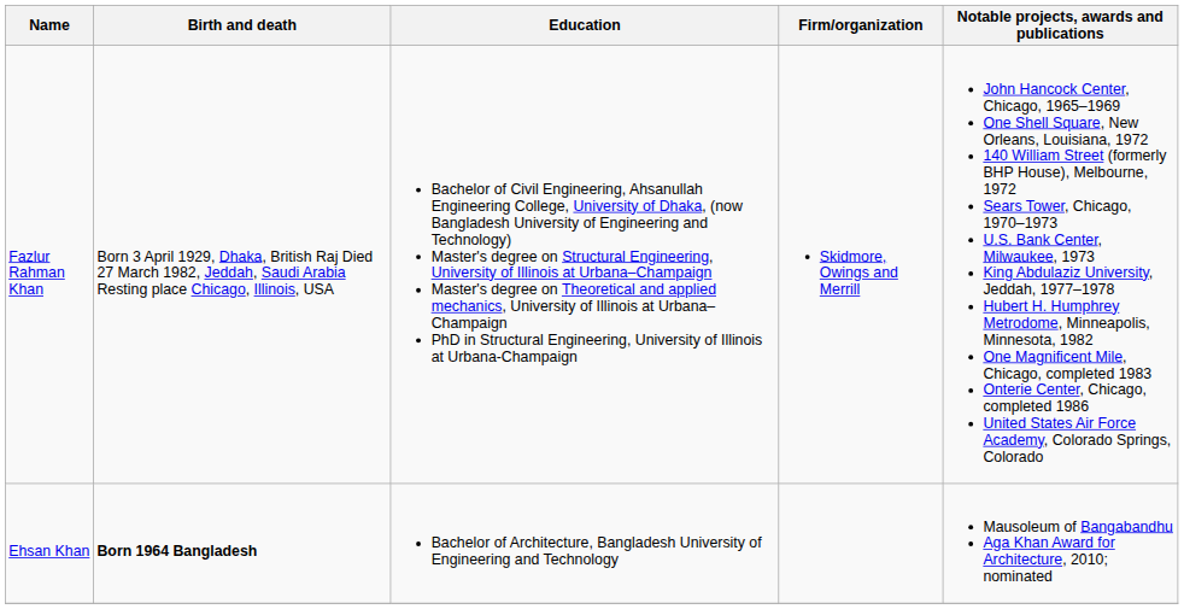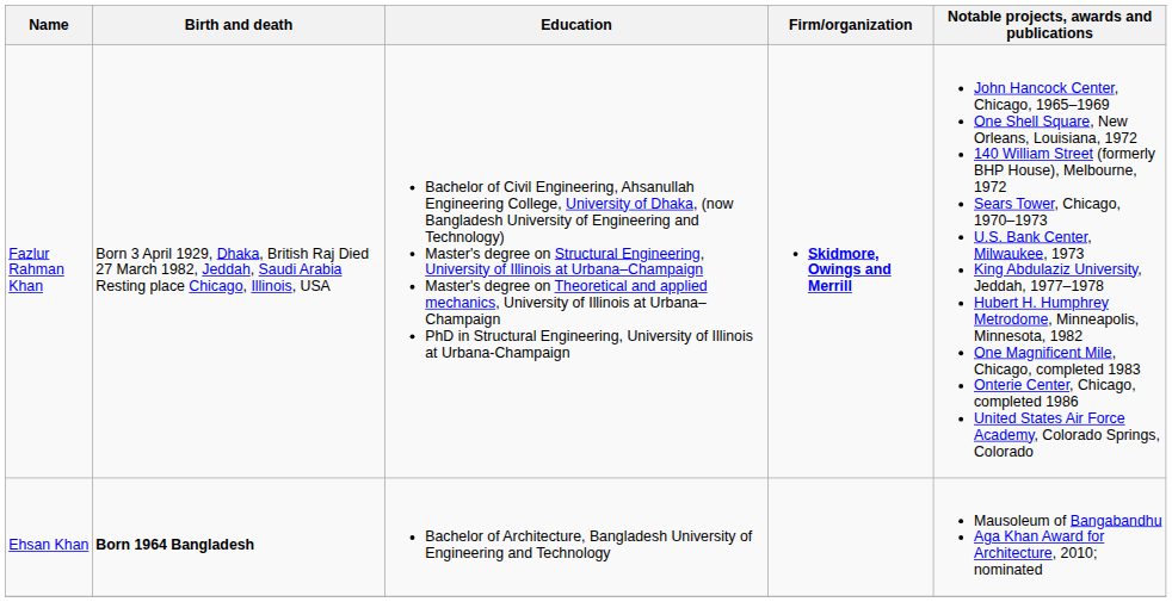 <table class="wikitable" width=100%>
 <tr bgcolor=#efefef>
 <th>Name</th>
 <th>Birth and death</th>
 <th>Education</th>
 <th>Firm/organization</th>
 <th>Notable projects, awards and publications</th>
 </tr>
 <tr>
 <td><br><a href='#'>Fazlur Rahman Khan</a></td>
 <td><br>Born 3 April 1929, <a href='#'>Dhaka</a>, British Raj Died 27 March 1982, <a href='#'>Jeddah</a>, <a href='#'>Saudi Arabia</a> Resting place <a href='#'>Chicago</a>, <a href='#'>Illinois</a>, USA</td>
 <td><br><ul><li>Bachelor of Civil Engineering, Ahsanullah Engineering College, <a href='#'>University of Dhaka</a>, (now Bangladesh University of Engineering and Technology)</li><li>Master's degree on <a href='#'>Structural Engineering</a>, <a href='#'>University of Illinois at Urbana–Champaign</a></li><li>Master's degree on <a href='#'>Theoretical and applied mechanics</a>, University of Illinois at Urbana–Champaign</li><li>PhD in Structural Engineering, University of Illinois at Urbana-Champaign</li></ul></td>
-<td><br><ul><li><a href='#'>Skidmore, Owings and Merrill</a></li></ul></td>
+<td><strong><br><ul><li><a href='#'>Skidmore, Owings and Merrill</a></li></ul></strong></td>
 <td><br><ul><li><a href='#'>John Hancock Center</a>, Chicago, 1965–1969</li><li><a href='#'>One Shell Square</a>, New Orleans, Louisiana, 1972</li><li><a href='#'>140 William Street</a> (formerly BHP House), Melbourne, 1972</li><li><a href='#'>Sears Tower</a>, Chicago, 1970–1973</li><li><a href='#'>U.S. Bank Center</a>, <a href='#'>Milwaukee</a>, 1973</li><li><a href='#'>King Abdulaziz University</a>, Jeddah, 1977–1978</li><li><a href='#'>Hubert H. Humphrey Metrodome</a>, Minneapolis, Minnesota, 1982</li><li><a href='#'>One Magnificent Mile</a>, Chicago, completed 1983</li><li><a href='#'>Onterie Center</a>, Chicago, completed 1986</li><li><a href='#'>United States Air Force Academy</a>, Colorado Springs, Colorado</li></ul></td>
 </tr>
 <tr>
 <td><br><a href='#'>Ehsan Khan</a></td>
 <td><strong><br>Born 1964 Bangladesh</strong></td>
 <td><br><ul><li>Bachelor of Architecture, Bangladesh University of Engineering and Technology</li></ul></td>
 <td></td>
 <td><br><ul><li>Mausoleum of <a href='#'>Bangabandhu</a></li><li><a href='#'>Aga Khan Award for Architecture</a>, 2010; nominated</li></ul></td>
 </tr>
 <tr>
 </tr>
 </table>
